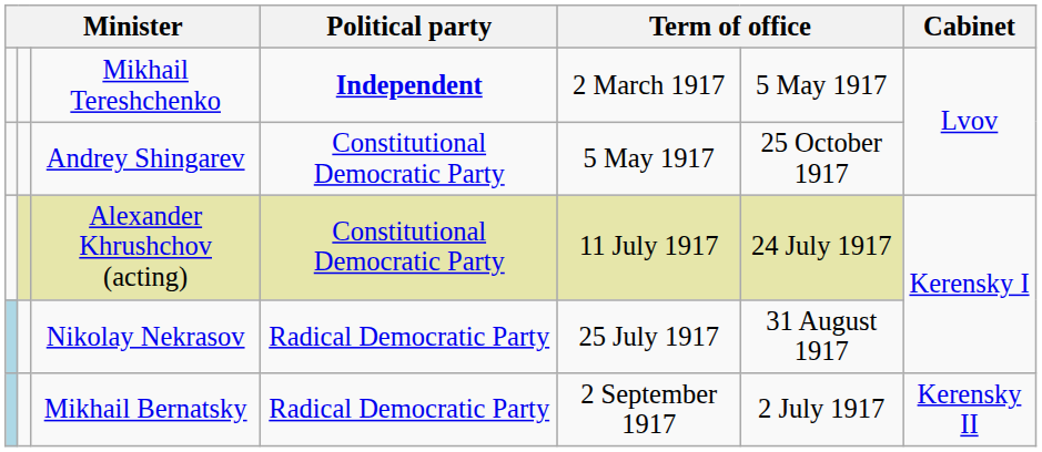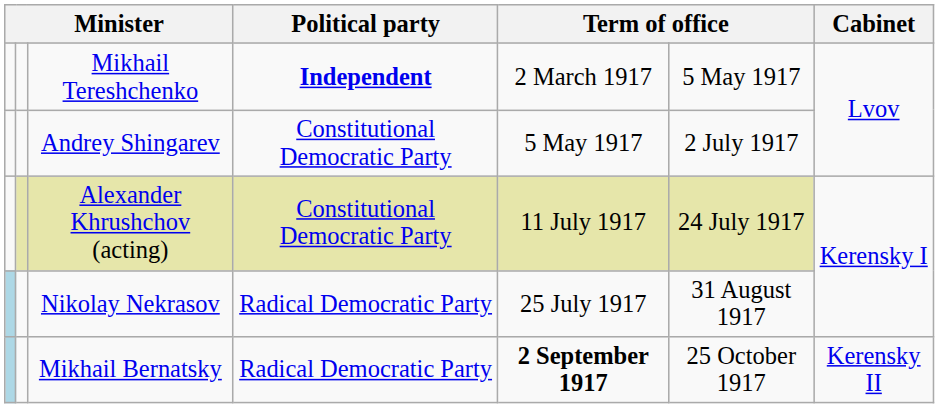 <table class="wikitable" style="text-align:center;">
 <tr>
 <th colspan=3>Minister</th>
 <th>Political party</th>
 <th colspan=2>Term of office</th>
 <th>Cabinet</th>
 </tr>
 <tr>
 <td style="background: "></td>
 <td></td>
 <td><a href='#'>Mikhail Tereshchenko</a></td>
 <td><strong><a href='#'>Independent</a></strong></td>
 <td>2 March 1917</td>
 <td>5 May 1917</td>
 <td rowspan=2><a href='#'>Lvov</a></td>
 </tr>
 <tr>
 <td style="background: "></td>
 <td></td>
 <td><a href='#'>Andrey Shingarev</a></td>
 <td><a href='#'>Constitutional Democratic Party</a></td>
 <td>5 May 1917</td>
-<td>25 October 1917</td>
+<td>2 July 1917</td>
 </tr>
 <tr>
 <td style="background: "></td>
 <td style="background: #E6E6AA;"></td>
 <td style="background: #E6E6AA;"><a href='#'>Alexander Khrushchov</a><br>(acting)</td>
 <td style="background: #E6E6AA;"><a href='#'>Constitutional Democratic Party</a></td>
 <td style="background: #E6E6AA;">11 July 1917</td>
 <td style="background: #E6E6AA;">24 July 1917</td>
 <td rowspan=2><a href='#'>Kerensky I</a></td>
 </tr>
 <tr>
 <td style="background: lightblue;"></td>
 <td></td>
 <td><a href='#'>Nikolay Nekrasov</a></td>
 <td><a href='#'>Radical Democratic Party</a></td>
 <td>25 July 1917</td>
 <td>31 August 1917</td>
 </tr>
 <tr>
 <td style="background: lightblue;"></td>
 <td></td>
 <td><a href='#'>Mikhail Bernatsky</a></td>
 <td><a href='#'>Radical Democratic Party</a></td>
-<td>2 September 1917</td>
-<td>2 July 1917</td>
+<td><strong>2 September 1917</strong></td>
+<td>25 October 1917</td>
 <td><a href='#'>Kerensky II</a></td>
 </tr>
 </table>
